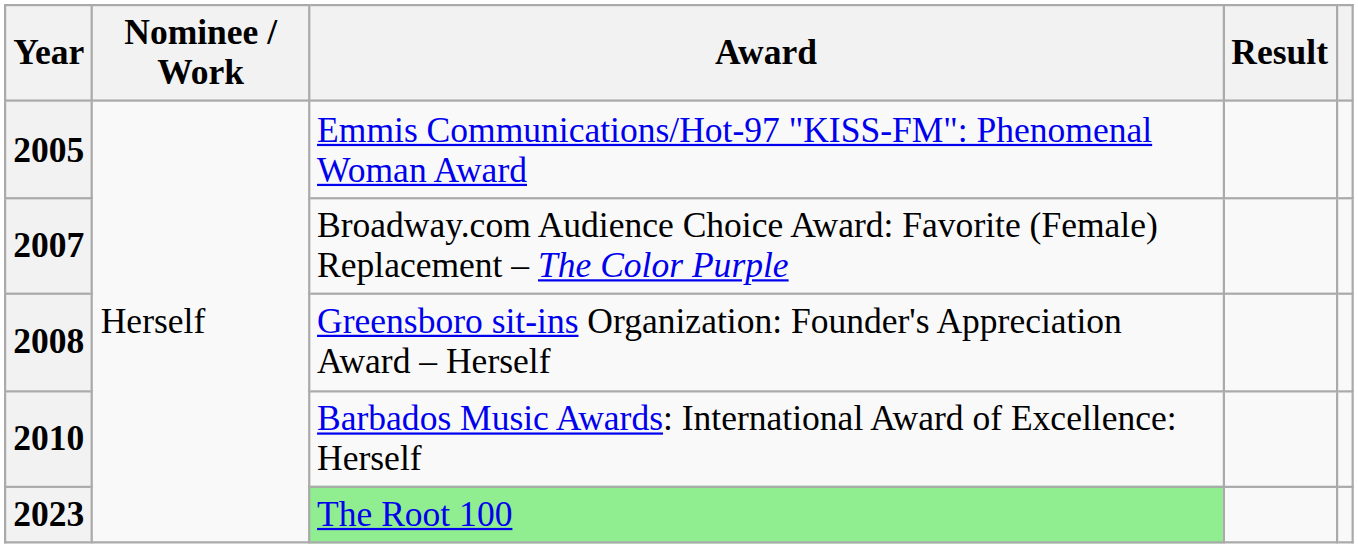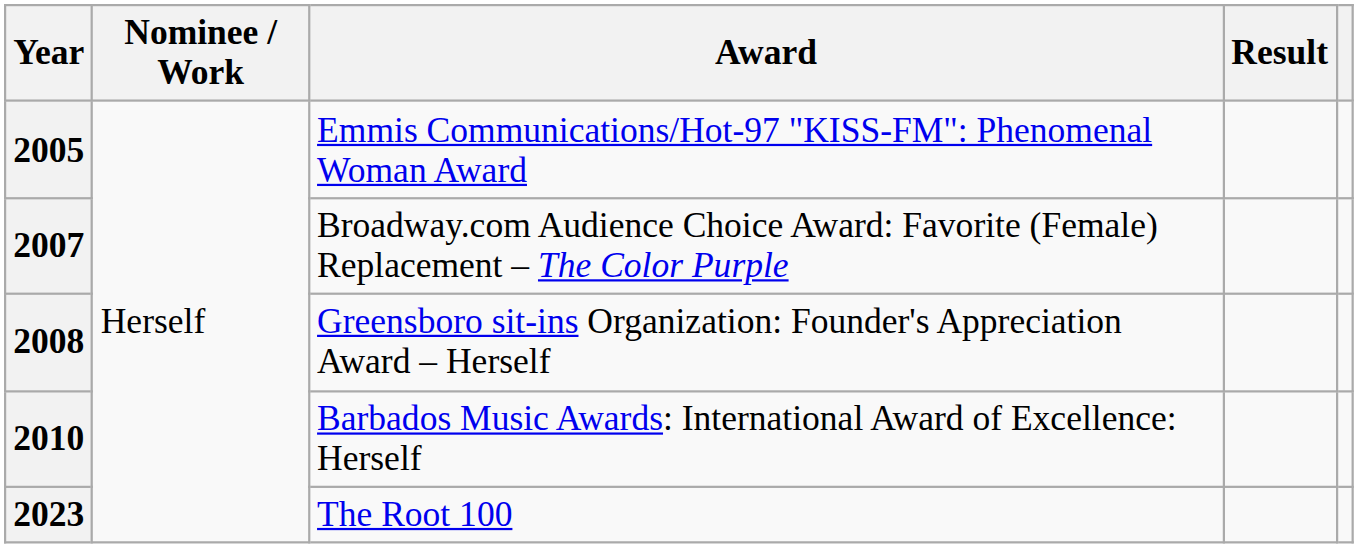 <table class="wikitable sortable">
 <tr>
 <th>Year</th>
 <th>Nominee / Work</th>
 <th>Award</th>
 <th>Result</th>
 <th></th>
 </tr>
 <tr>
 <th scope="row">2005</th>
 <td rowspan=5>Herself</td>
 <td><a href='#'>Emmis Communications/Hot-97 "KISS-FM": Phenomenal Woman Award</a></td>
 <td></td>
 <td></td>
 </tr>
 <tr>
 <th scope="row">2007</th>
 <td>Broadway.com Audience Choice Award: Favorite (Female) Replacement – <em><a href='#'>The Color Purple</a></em></td>
 <td></td>
 <td></td>
 </tr>
 <tr>
 <th scope="row">2008</th>
 <td><a href='#'>Greensboro sit-ins</a> Organization: Founder's Appreciation Award – Herself</td>
 <td></td>
 <td></td>
 </tr>
 <tr>
 <th scope="row">2010</th>
 <td><a href='#'>Barbados Music Awards</a>: International Award of Excellence: Herself</td>
 <td></td>
 <td></td>
 </tr>
 <tr>
 <th scope="row">2023</th>
-<td style="background: lightgreen;"><a href='#'>The Root 100</a></td>
+<td><a href='#'>The Root 100</a></td>
 <td></td>
 <td></td>
 </tr>
 </table>
